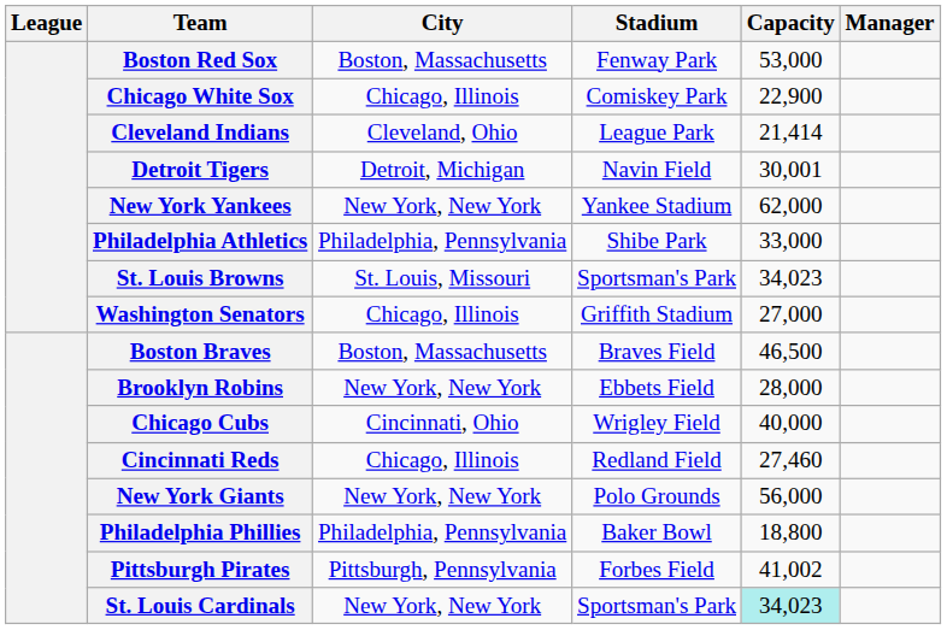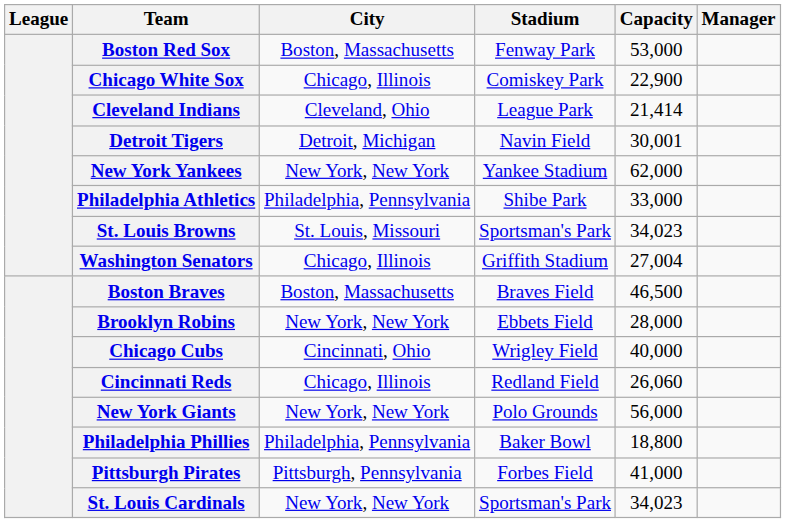 <table class="wikitable sortable plainrowheaders" style="text-align:center;">
 <tr>
 <th scope="col">League</th>
 <th scope="col">Team</th>
 <th scope="col">City</th>
 <th scope="col">Stadium</th>
 <th scope="col">Capacity</th>
 <th scope="col">Manager</th>
 </tr>
 <tr>
 <th rowspan="8"></th>
 <th scope="row"><a href='#'>Boston Red Sox</a></th>
 <td><a href='#'>Boston</a>, <a href='#'>Massachusetts</a></td>
 <td><a href='#'>Fenway Park</a></td>
 <td>53,000</td>
 <td></td>
 </tr>
 <tr>
 <th scope="row"><a href='#'>Chicago White Sox</a></th>
 <td><a href='#'>Chicago</a>, <a href='#'>Illinois</a></td>
 <td><a href='#'>Comiskey Park</a></td>
 <td>22,900</td>
 <td></td>
 </tr>
 <tr>
 <th scope="row"><a href='#'>Cleveland Indians</a></th>
 <td><a href='#'>Cleveland</a>, <a href='#'>Ohio</a></td>
 <td><a href='#'>League Park</a></td>
 <td>21,414</td>
 <td></td>
 </tr>
 <tr>
 <th scope="row"><a href='#'>Detroit Tigers</a></th>
 <td><a href='#'>Detroit</a>, <a href='#'>Michigan</a></td>
 <td><a href='#'>Navin Field</a></td>
 <td>30,001</td>
 <td></td>
 </tr>
 <tr>
 <th scope="row"><a href='#'>New York Yankees</a></th>
 <td><a href='#'>New York</a>, <a href='#'>New York</a></td>
 <td><a href='#'>Yankee Stadium</a></td>
 <td>62,000</td>
 <td></td>
 </tr>
 <tr>
 <th scope="row"><a href='#'>Philadelphia Athletics</a></th>
 <td><a href='#'>Philadelphia</a>, <a href='#'>Pennsylvania</a></td>
 <td><a href='#'>Shibe Park</a></td>
 <td>33,000</td>
 <td></td>
 </tr>
 <tr>
 <th scope="row"><a href='#'>St. Louis Browns</a></th>
 <td><a href='#'>St. Louis</a>, <a href='#'>Missouri</a></td>
 <td><a href='#'>Sportsman's Park</a></td>
 <td>34,023</td>
 <td></td>
 </tr>
 <tr>
 <th scope="row"><a href='#'>Washington Senators</a></th>
 <td><a href='#'>Chicago</a>, <a href='#'>Illinois</a></td>
 <td><a href='#'>Griffith Stadium</a></td>
-<td>27,000</td>
+<td>27,004</td>
 <td></td>
 </tr>
 <tr>
 <th rowspan="8"></th>
 <th scope="row"><a href='#'>Boston Braves</a></th>
 <td><a href='#'>Boston</a>, <a href='#'>Massachusetts</a></td>
 <td><a href='#'>Braves Field</a></td>
 <td>46,500</td>
 <td></td>
 </tr>
 <tr>
 <th scope="row"><a href='#'>Brooklyn Robins</a></th>
 <td><a href='#'>New York</a>, <a href='#'>New York</a></td>
 <td><a href='#'>Ebbets Field</a></td>
 <td>28,000</td>
 <td></td>
 </tr>
 <tr>
 <th scope="row"><a href='#'>Chicago Cubs</a></th>
 <td><a href='#'>Cincinnati</a>, <a href='#'>Ohio</a></td>
 <td><a href='#'>Wrigley Field</a></td>
 <td>40,000</td>
 <td></td>
 </tr>
 <tr>
 <th scope="row"><a href='#'>Cincinnati Reds</a></th>
 <td><a href='#'>Chicago</a>, <a href='#'>Illinois</a></td>
 <td><a href='#'>Redland Field</a></td>
-<td>27,460</td>
+<td>26,060</td>
 <td></td>
 </tr>
 <tr>
 <th scope="row"><a href='#'>New York Giants</a></th>
 <td><a href='#'>New York</a>, <a href='#'>New York</a></td>
 <td><a href='#'>Polo Grounds</a></td>
 <td>56,000</td>
 <td></td>
 </tr>
 <tr>
 <th scope="row"><a href='#'>Philadelphia Phillies</a></th>
 <td><a href='#'>Philadelphia</a>, <a href='#'>Pennsylvania</a></td>
 <td><a href='#'>Baker Bowl</a></td>
 <td>18,800</td>
 <td></td>
 </tr>
 <tr>
 <th scope="row"><a href='#'>Pittsburgh Pirates</a></th>
 <td><a href='#'>Pittsburgh</a>, <a href='#'>Pennsylvania</a></td>
 <td><a href='#'>Forbes Field</a></td>
-<td>41,002</td>
+<td>41,000</td>
 <td></td>
 </tr>
 <tr>
 <th scope="row"><a href='#'>St. Louis Cardinals</a></th>
 <td><a href='#'>New York</a>, <a href='#'>New York</a></td>
 <td><a href='#'>Sportsman's Park</a></td>
-<td style="background: paleturquoise;">34,023</td>
+<td>34,023</td>
 <td></td>
 </tr>
 </table>
